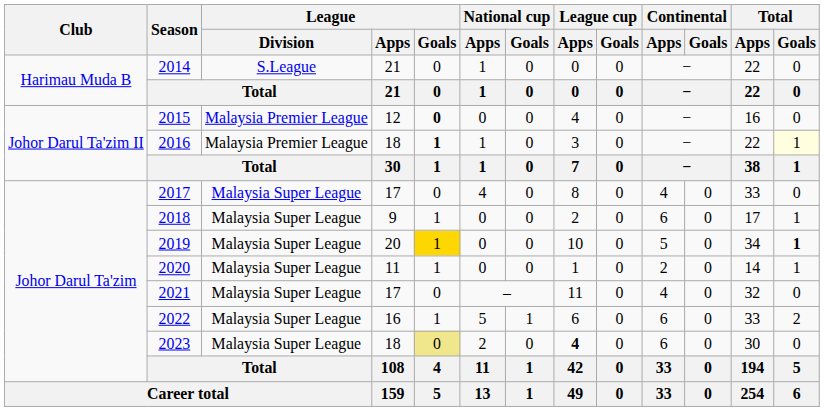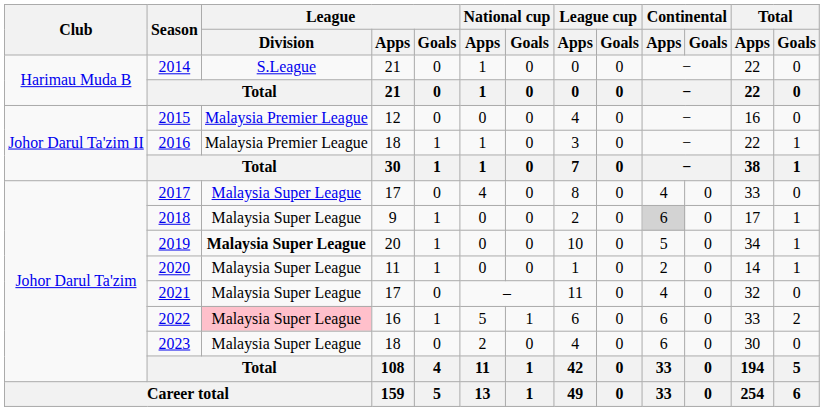 <table class=wikitable style="text-align:center">
 <tr>
 <th rowspan="2">Club</th>
 <th rowspan="2">Season</th>
 <th colspan="3">League</th>
 <th colspan="2">National cup</th>
 <th colspan="2">League cup</th>
 <th colspan="2">Continental</th>
 <th colspan="2">Total</th>
 </tr>
 <tr>
 <th>Division</th>
 <th>Apps</th>
 <th>Goals</th>
 <th>Apps</th>
 <th>Goals</th>
 <th>Apps</th>
 <th>Goals</th>
 <th>Apps</th>
 <th>Goals</th>
 <th>Apps</th>
 <th>Goals</th>
 </tr>
 <tr>
 <td rowspan="2"><a href='#'>Harimau Muda B</a></td>
 <td><a href='#'>2014</a></td>
 <td><a href='#'>S.League</a></td>
 <td>21</td>
 <td>0</td>
 <td>1</td>
 <td>0</td>
 <td>0</td>
 <td>0</td>
 <td colspan="2">−</td>
 <td>22</td>
 <td>0</td>
 </tr>
 <tr>
 <th colspan="2">Total</th>
 <th>21</th>
 <th>0</th>
 <th>1</th>
 <th>0</th>
 <th>0</th>
 <th>0</th>
 <th colspan="2">−</th>
 <th>22</th>
 <th>0</th>
 </tr>
 <tr>
 <td rowspan="3"><a href='#'>Johor Darul Ta'zim II</a></td>
 <td><a href='#'>2015</a></td>
 <td><a href='#'>Malaysia Premier League</a></td>
 <td>12</td>
-<td><strong>0</strong></td>
+<td>0</td>
 <td>0</td>
 <td>0</td>
 <td>4</td>
 <td>0</td>
 <td colspan="2">−</td>
 <td>16</td>
 <td>0</td>
 </tr>
 <tr>
 <td><a href='#'>2016</a></td>
 <td>Malaysia Premier League</td>
 <td>18</td>
-<td><strong>1</strong></td>
+<td>1</td>
 <td>1</td>
 <td>0</td>
 <td>3</td>
 <td>0</td>
 <td colspan="2">−</td>
 <td>22</td>
-<td style="background: lightyellow;">1</td>
+<td>1</td>
 </tr>
 <tr>
 <th colspan="2">Total</th>
 <th>30</th>
 <th>1</th>
 <th>1</th>
 <th>0</th>
 <th>7</th>
 <th>0</th>
 <th colspan="2">−</th>
 <th>38</th>
 <th>1</th>
 </tr>
 <tr>
 <td rowspan="8"><a href='#'>Johor Darul Ta'zim</a></td>
 <td><a href='#'>2017</a></td>
 <td><a href='#'>Malaysia Super League</a></td>
 <td>17</td>
 <td>0</td>
 <td>4</td>
 <td>0</td>
 <td>8</td>
 <td>0</td>
 <td>4</td>
 <td>0</td>
 <td>33</td>
 <td>0</td>
 </tr>
 <tr>
 <td><a href='#'>2018</a></td>
 <td>Malaysia Super League</td>
 <td>9</td>
 <td>1</td>
 <td>0</td>
 <td>0</td>
 <td>2</td>
 <td>0</td>
-<td>6</td>
+<td style="background: lightgrey;">6</td>
 <td>0</td>
 <td>17</td>
 <td>1</td>
 </tr>
 <tr>
 <td><a href='#'>2019</a></td>
-<td>Malaysia Super League</td>
+<td><strong>Malaysia Super League</strong></td>
 <td>20</td>
-<td style="background: gold;">1</td>
+<td>1</td>
 <td>0</td>
 <td>0</td>
 <td>10</td>
 <td>0</td>
 <td>5</td>
 <td>0</td>
 <td>34</td>
-<td><strong>1</strong></td>
+<td>1</td>
 </tr>
 <tr>
 <td><a href='#'>2020</a></td>
 <td>Malaysia Super League</td>
 <td>11</td>
 <td>1</td>
 <td>0</td>
 <td>0</td>
 <td>1</td>
 <td>0</td>
 <td>2</td>
 <td>0</td>
 <td>14</td>
 <td>1</td>
 </tr>
 <tr>
 <td><a href='#'>2021</a></td>
 <td>Malaysia Super League</td>
 <td>17</td>
 <td>0</td>
 <td colspan="2">–</td>
 <td>11</td>
 <td>0</td>
 <td>4</td>
 <td>0</td>
 <td>32</td>
 <td>0</td>
 </tr>
 <tr>
 <td><a href='#'>2022</a></td>
-<td>Malaysia Super League</td>
+<td style="background: pink;">Malaysia Super League</td>
 <td>16</td>
 <td>1</td>
 <td>5</td>
 <td>1</td>
 <td>6</td>
 <td>0</td>
 <td>6</td>
 <td>0</td>
 <td>33</td>
 <td>2</td>
 </tr>
 <tr>
 <td><a href='#'>2023</a></td>
 <td>Malaysia Super League</td>
 <td>18</td>
-<td style="background: khaki;">0</td>
+<td>0</td>
 <td>2</td>
 <td>0</td>
-<td><strong>4</strong></td>
+<td>4</td>
 <td>0</td>
 <td>6</td>
 <td>0</td>
 <td>30</td>
 <td>0</td>
 </tr>
 <tr>
 <th colspan="2">Total</th>
 <th>108</th>
 <th>4</th>
 <th>11</th>
 <th>1</th>
 <th>42</th>
 <th>0</th>
 <th>33</th>
 <th>0</th>
 <th>194</th>
 <th>5</th>
 </tr>
 <tr>
 <th colspan="3">Career total</th>
 <th>159</th>
 <th>5</th>
 <th>13</th>
 <th>1</th>
 <th>49</th>
 <th>0</th>
 <th>33</th>
 <th>0</th>
 <th>254</th>
 <th>6</th>
 </tr>
 </table>
